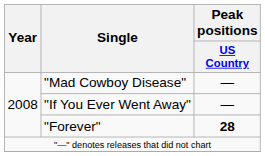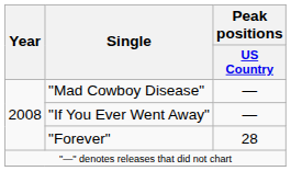 <table class="wikitable" style="text-align:center;">
 <tr>
 <th rowspan="2">Year</th>
 <th rowspan="2">Single</th>
 <th colspan="1">Peak positions</th>
 </tr>
 <tr style="font-size:smaller;">
 <th width="50"><a href='#'>US Country</a></th>
 </tr>
 <tr>
 <td rowspan="3">2008</td>
 <td align="left">"Mad Cowboy Disease"</td>
 <td>—</td>
 </tr>
 <tr>
 <td align="left">"If You Ever Went Away"</td>
 <td>—</td>
 </tr>
 <tr>
 <td align="left">"Forever"</td>
-<td><strong>28</strong></td>
+<td>28</td>
 </tr>
 <tr>
 <td colspan="5" style="font-size:8pt">"—" denotes releases that did not chart</td>
 </tr>
 <tr>
 </tr>
 </table>
